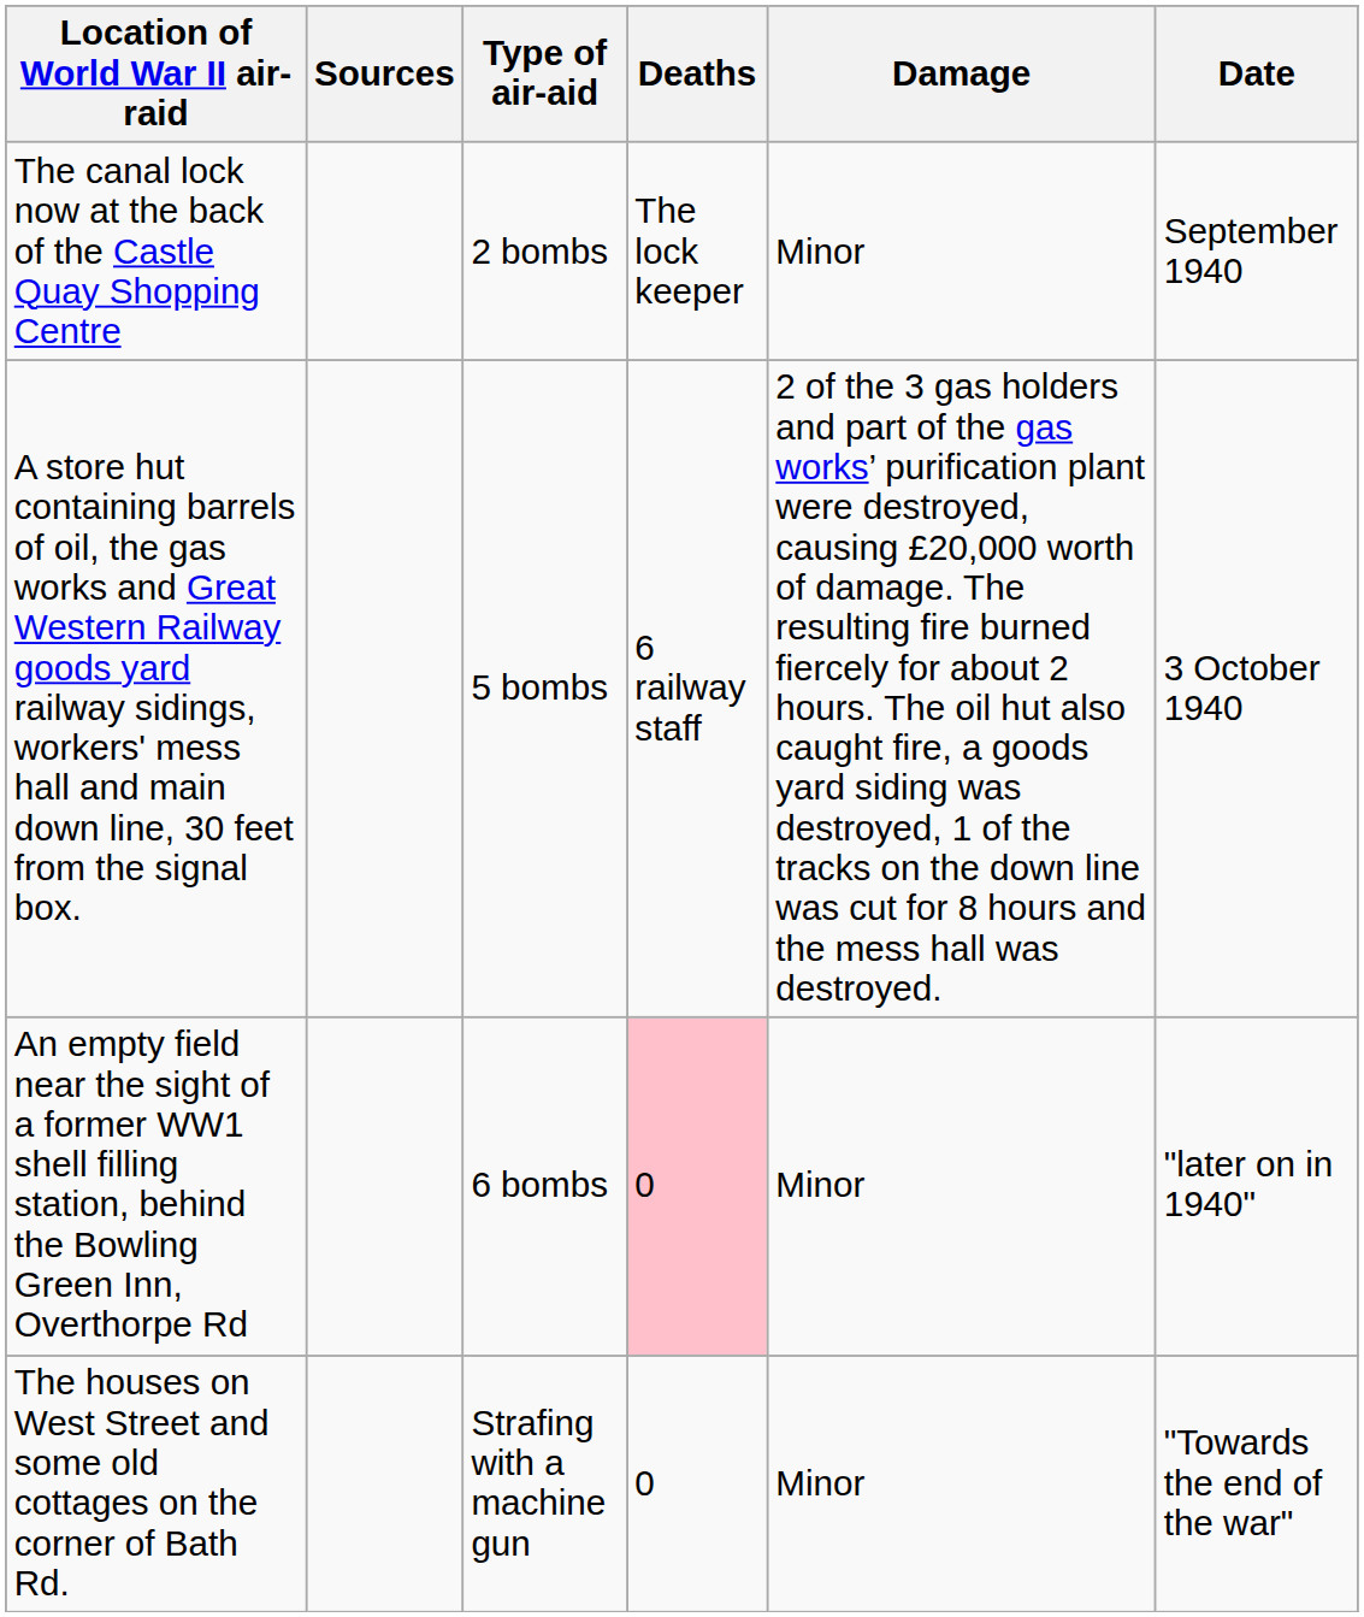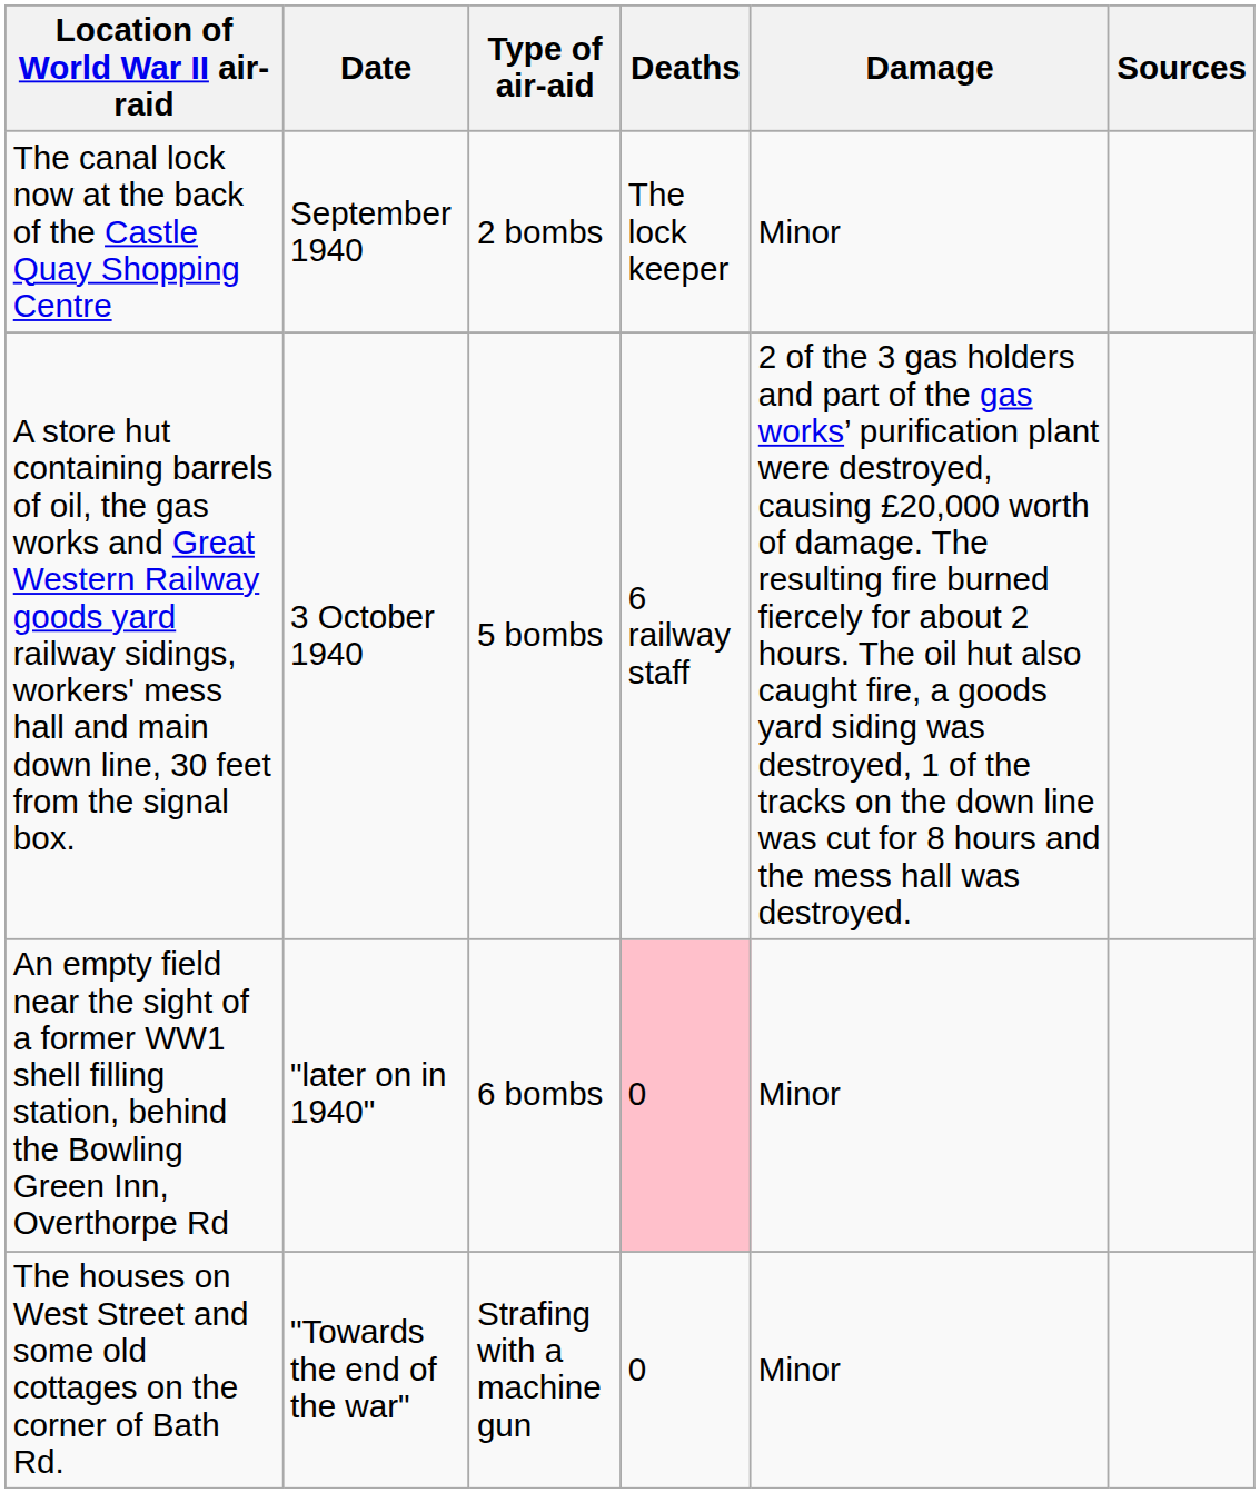 <table class="wikitable sortable">
 <tr>
 <th>Location of <a href='#'>World War II</a> air-raid</th>
-<th>Sources</th>
+<th>Date</th>
 <th>Type of air-aid</th>
 <th>Deaths</th>
 <th>Damage</th>
-<th>Date</th>
+<th>Sources</th>
 </tr>
 <tr>
 <td>The canal lock now at the back of the <a href='#'>Castle Quay Shopping Centre</a></td>
-<td></td>
+<td>September 1940</td>
 <td>2 bombs</td>
 <td>The lock keeper</td>
 <td>Minor</td>
-<td>September 1940</td>
+<td></td>
 </tr>
 <tr>
 <td>A store hut containing barrels of oil, the gas works and <a href='#'>Great Western Railway</a> <a href='#'>goods yard</a> railway sidings, workers' mess hall and main down line, 30 feet from the signal box.</td>
-<td></td>
+<td>3 October 1940</td>
 <td>5 bombs</td>
 <td>6 railway staff</td>
 <td>2 of the 3 gas holders and part of the <a href='#'>gas works</a>’ purification plant were destroyed, causing £20,000 worth of damage. The resulting fire burned fiercely for about 2 hours. The oil hut also caught fire, a goods yard siding was destroyed, 1 of the tracks on the down line was cut for 8 hours and the mess hall was destroyed.</td>
-<td>3 October 1940</td>
+<td></td>
 </tr>
 <tr>
 <td>An empty field near the sight of a former WW1 shell filling station, behind the Bowling Green Inn, Overthorpe Rd</td>
-<td></td>
+<td>"later on in 1940"</td>
 <td>6 bombs</td>
 <td style="background: pink;">0</td>
 <td>Minor</td>
-<td>"later on in 1940"</td>
+<td></td>
 </tr>
 <tr>
 <td>The houses on West Street and some old cottages on the corner of Bath Rd.</td>
-<td></td>
+<td>"Towards the end of the war"</td>
 <td>Strafing with a machine gun</td>
 <td>0</td>
 <td>Minor</td>
-<td>"Towards the end of the war"</td>
+<td></td>
 </tr>
 </table>
